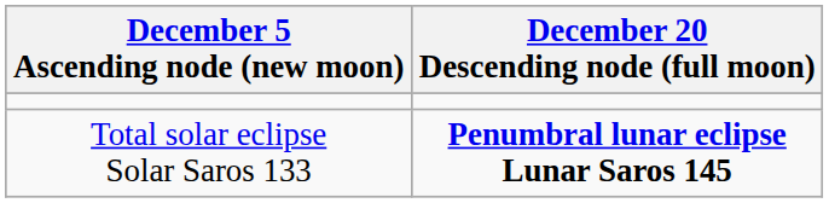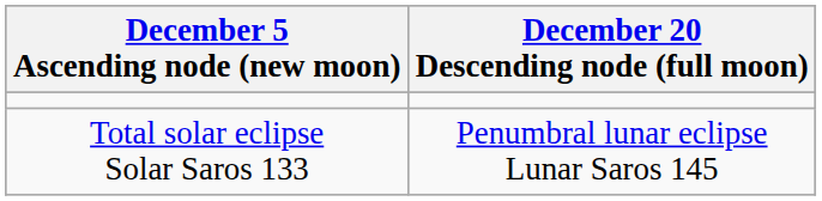 <table class="wikitable">
 <tr>
 <th><a href='#'>December 5</a><br>Ascending node (new moon)<br></th>
 <th><a href='#'>December 20</a><br>Descending node (full moon)<br></th>
 </tr>
 <tr>
 <td></td>
 <td></td>
 </tr>
 <tr align=center>
 <td><a href='#'>Total solar eclipse</a><br>Solar Saros 133</td>
-<td><strong><a href='#'>Penumbral lunar eclipse</a><br>Lunar Saros 145</strong></td>
+<td><a href='#'>Penumbral lunar eclipse</a><br>Lunar Saros 145</td>
 </tr>
 </table>
